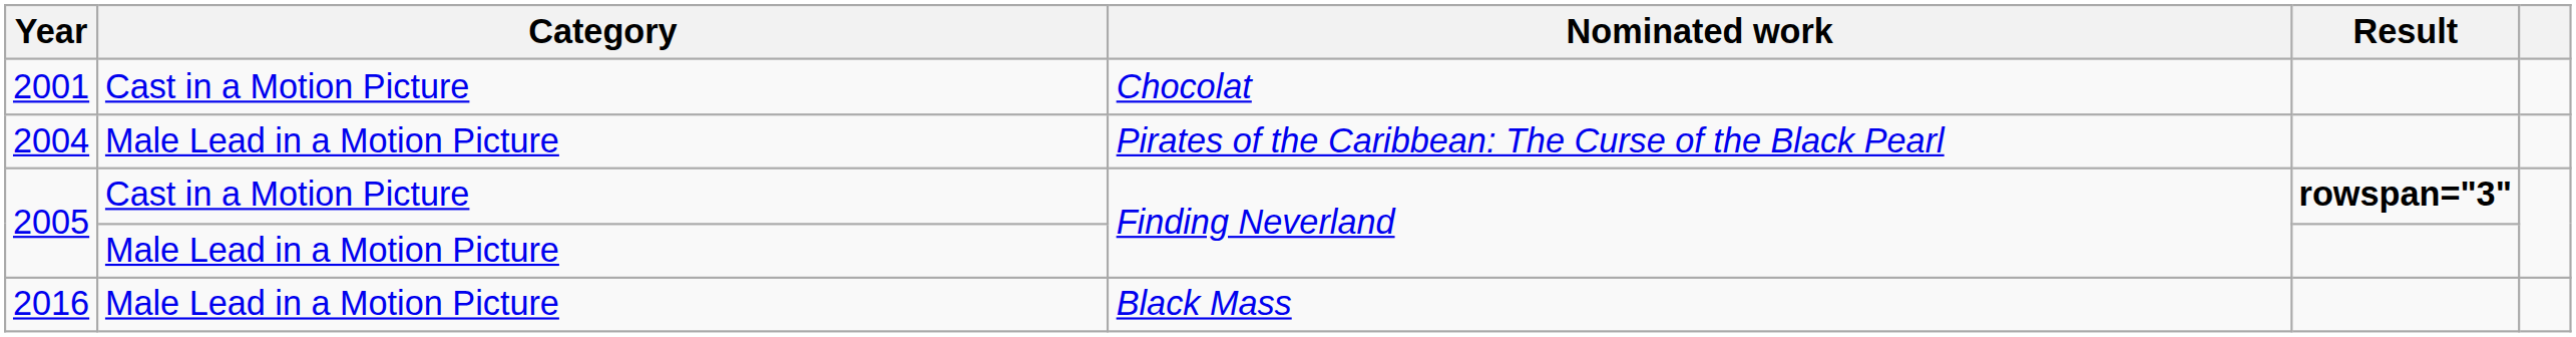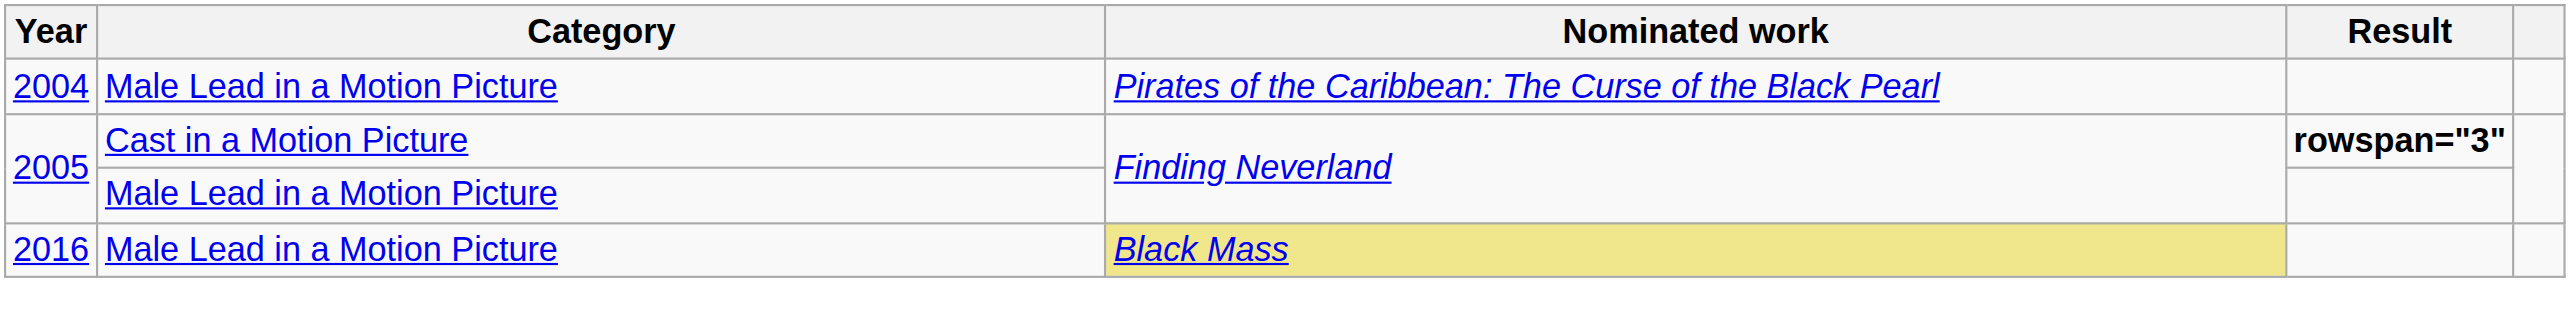 <table class="wikitable sortable">
 <tr>
 <th scope="col" style="width:1em;">Year</th>
 <th scope="col" style="width:29em;">Category</th>
 <th scope="col" style="width:34em;">Nominated work</th>
 <th scope="col" style="width:5em;">Result</th>
 <th scope="col" style="width:1em;" class="unsortable"></th>
-</tr>
-<tr>
-<td><a href='#'>2001</a></td>
-<td><a href='#'>Cast in a Motion Picture</a></td>
-<td><em><a href='#'>Chocolat</a></em></td>
-<td></td>
-<td></td>
 </tr>
 <tr>
 <td><a href='#'>2004</a></td>
 <td><a href='#'>Male Lead in a Motion Picture</a></td>
 <td><em><a href='#'>Pirates of the Caribbean: The Curse of the Black Pearl</a></em></td>
 <td></td>
 <td></td>
 </tr>
 <tr>
 <td rowspan="2"><a href='#'>2005</a></td>
 <td><a href='#'>Cast in a Motion Picture</a></td>
 <td rowspan="2"><em><a href='#'>Finding Neverland</a></em></td>
 <td><strong>rowspan="3" </strong></td>
 <td rowspan="2"></td>
 </tr>
 <tr>
 <td><a href='#'>Male Lead in a Motion Picture</a></td>
 </tr>
 <tr>
 <td><a href='#'>2016</a></td>
 <td><a href='#'>Male Lead in a Motion Picture</a></td>
-<td><em><a href='#'>Black Mass</a></em></td>
+<td style="background: khaki;"><em><a href='#'>Black Mass</a></em></td>
 <td></td>
 </tr>
 </table>
